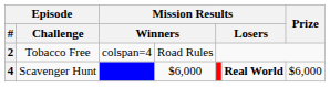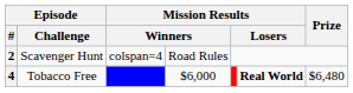 <table class="wikitable" style="text-align:center; font-size:100%; white-space:nowrap;">
 <tr>
 <th colspan=2>Episode</th>
 <th colspan=4>Mission Results</th>
 <th rowspan=2>Prize</th>
 </tr>
 <tr>
 <th>#</th>
 <th>Challenge</th>
 <th colspan=2>Winners</th>
 <th colspan=2>Losers</th>
 </tr>
 <tr>
 <th>2</th>
-<td>Tobacco Free</td>
+<td>Scavenger Hunt</td>
 <td>colspan=4 </td>
 <td>Road Rules</td>
 </tr>
 <tr>
 <th>4</th>
-<td>Scavenger Hunt</td>
+<td>Tobacco Free</td>
 <td bgcolor="blue"></td>
 <td>$6,000</td>
 <td bgcolor="red"></td>
 <td><strong>Real World</strong></td>
-<td>$6,000</td>
+<td>$6,480</td>
 </tr>
 </table>
